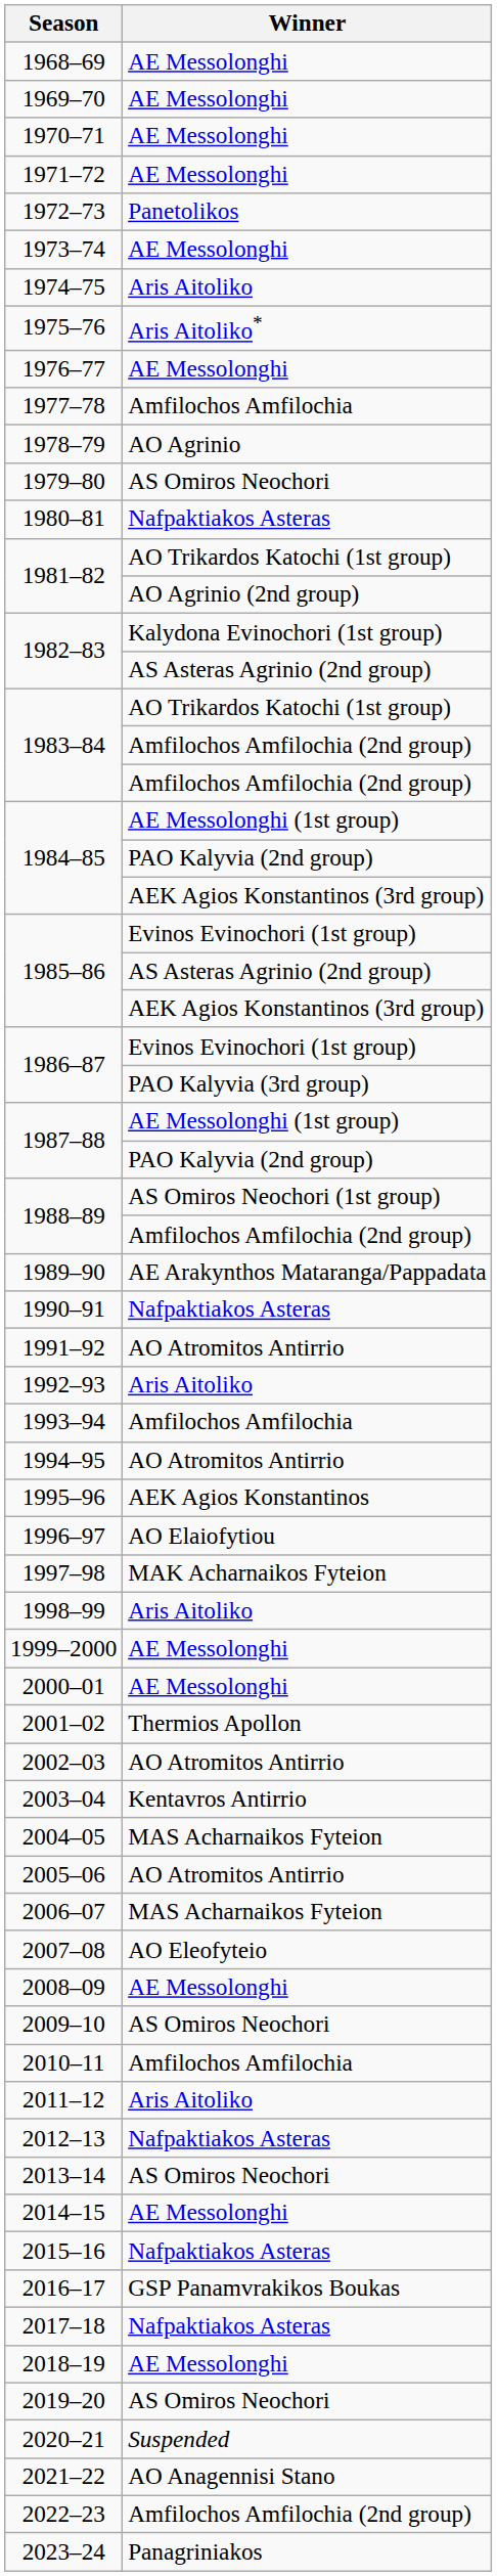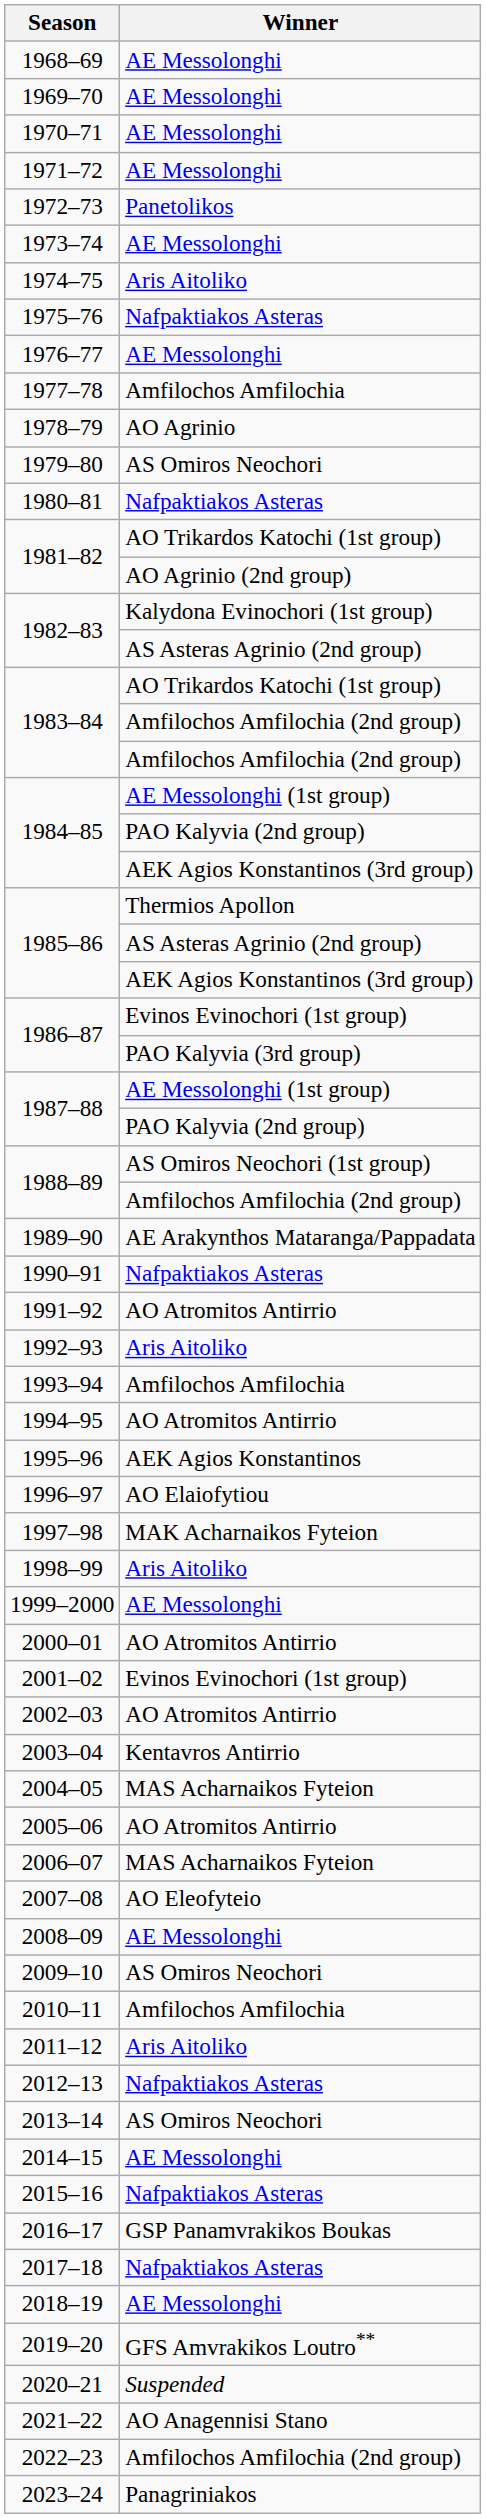 <table class="wikitable" style="text-align:left;">
 <tr>
 <th>Season</th>
 <th>Winner</th>
 </tr>
 <tr>
 <td align="center">1968–69</td>
 <td><a href='#'>AE Messolonghi</a></td>
 </tr>
 <tr>
 <td align="center">1969–70</td>
 <td><a href='#'>AE Messolonghi</a></td>
 </tr>
 <tr>
 <td align="center">1970–71</td>
 <td><a href='#'>AE Messolonghi</a></td>
 </tr>
 <tr>
 <td align="center">1971–72</td>
 <td><a href='#'>AE Messolonghi</a></td>
 </tr>
 <tr>
 <td align="center">1972–73</td>
 <td><a href='#'>Panetolikos</a></td>
 </tr>
 <tr>
 <td align="center">1973–74</td>
 <td><a href='#'>AE Messolonghi</a></td>
 </tr>
 <tr>
 <td align="center">1974–75</td>
 <td><a href='#'>Aris Aitoliko</a></td>
 </tr>
 <tr>
 <td align="center">1975–76</td>
-<td><a href='#'>Aris Aitoliko</a><sup>*</sup></td>
+<td><a href='#'>Nafpaktiakos Asteras</a></td>
 </tr>
 <tr>
 <td align="center">1976–77</td>
 <td><a href='#'>AE Messolonghi</a></td>
 </tr>
 <tr>
 <td align="center">1977–78</td>
 <td>Amfilochos Amfilochia</td>
 </tr>
 <tr>
 <td align="center">1978–79</td>
 <td>AO Agrinio</td>
 </tr>
 <tr>
 <td align="center">1979–80</td>
 <td>AS Omiros Neochori</td>
 </tr>
 <tr>
 <td align="center">1980–81</td>
 <td><a href='#'>Nafpaktiakos Asteras</a></td>
 </tr>
 <tr>
 <td align="center" rowspan=2>1981–82</td>
 <td>AO Trikardos Katochi (1st group)</td>
 </tr>
 <tr>
 <td>AO Agrinio (2nd group)</td>
 </tr>
 <tr>
 <td align="center" rowspan=2>1982–83</td>
 <td>Kalydona Evinochori (1st group)</td>
 </tr>
 <tr>
 <td>AS Asteras Agrinio (2nd group)</td>
 </tr>
 <tr>
 <td align="center" rowspan=3>1983–84</td>
 <td>AO Trikardos Katochi (1st group)</td>
 </tr>
 <tr>
 <td>Amfilochos Amfilochia (2nd group)</td>
 </tr>
 <tr>
 <td>Amfilochos Amfilochia (2nd group)</td>
 </tr>
 <tr>
 <td align="center" rowspan=3>1984–85</td>
 <td><a href='#'>AE Messolonghi</a> (1st group)</td>
 </tr>
 <tr>
 <td>PAO Kalyvia (2nd group)</td>
 </tr>
 <tr>
 <td>AEK Agios Konstantinos (3rd group)</td>
 </tr>
 <tr>
 <td align="center" rowspan=3>1985–86</td>
-<td>Evinos Evinochori (1st group)</td>
+<td>Thermios Apollon</td>
 </tr>
 <tr>
 <td>AS Asteras Agrinio (2nd group)</td>
 </tr>
 <tr>
 <td>AEK Agios Konstantinos (3rd group)</td>
 </tr>
 <tr>
 <td align="center" rowspan=2>1986–87</td>
 <td>Evinos Evinochori (1st group)</td>
 </tr>
 <tr>
 <td>PAO Kalyvia (3rd group)</td>
 </tr>
 <tr>
 <td align="center" rowspan=2>1987–88</td>
 <td><a href='#'>AE Messolonghi</a> (1st group)</td>
 </tr>
 <tr>
 <td>PAO Kalyvia (2nd group)</td>
 </tr>
 <tr>
 <td align="center" rowspan=2>1988–89</td>
 <td>AS Omiros Neochori (1st group)</td>
 </tr>
 <tr>
 <td>Amfilochos Amfilochia (2nd group)</td>
 </tr>
 <tr>
 <td align="center">1989–90</td>
 <td>AE Arakynthos Mataranga/Pappadata</td>
 </tr>
 <tr>
 <td align="center">1990–91</td>
 <td><a href='#'>Nafpaktiakos Asteras</a></td>
 </tr>
 <tr>
 <td align="center">1991–92</td>
 <td>AO Atromitos Antirrio</td>
 </tr>
 <tr>
 <td align="center">1992–93</td>
 <td><a href='#'>Aris Aitoliko</a></td>
 </tr>
 <tr>
 <td align="center">1993–94</td>
 <td>Amfilochos Amfilochia</td>
 </tr>
 <tr>
 <td align="center">1994–95</td>
 <td>AO Atromitos Antirrio</td>
 </tr>
 <tr>
 <td align="center">1995–96</td>
 <td>AEK Agios Konstantinos</td>
 </tr>
 <tr>
 <td align="center">1996–97</td>
 <td>AO Elaiofytiou</td>
 </tr>
 <tr>
 <td align="center">1997–98</td>
 <td>MAK Acharnaikos Fyteion</td>
 </tr>
 <tr>
 <td align="center">1998–99</td>
 <td><a href='#'>Aris Aitoliko</a></td>
 </tr>
 <tr>
 <td align="center">1999–2000</td>
 <td><a href='#'>AE Messolonghi</a></td>
 </tr>
 <tr>
 <td align="center">2000–01</td>
-<td><a href='#'>AE Messolonghi</a></td>
+<td>AO Atromitos Antirrio</td>
 </tr>
 <tr>
 <td align="center">2001–02</td>
-<td>Thermios Apollon</td>
+<td>Evinos Evinochori (1st group)</td>
 </tr>
 <tr>
 <td align="center">2002–03</td>
 <td>AO Atromitos Antirrio</td>
 </tr>
 <tr>
 <td align="center">2003–04</td>
 <td>Kentavros Antirrio</td>
 </tr>
 <tr>
 <td align="center">2004–05</td>
 <td>MAS Acharnaikos Fyteion</td>
 </tr>
 <tr>
 <td align="center">2005–06</td>
 <td>AO Atromitos Antirrio</td>
 </tr>
 <tr>
 <td align="center">2006–07</td>
 <td>MAS Acharnaikos Fyteion</td>
 </tr>
 <tr>
 <td align="center">2007–08</td>
 <td>AO Eleofyteio</td>
 </tr>
 <tr>
 <td align="center">2008–09</td>
 <td><a href='#'>AE Messolonghi</a></td>
 </tr>
 <tr>
 <td align="center">2009–10</td>
 <td>AS Omiros Neochori</td>
 </tr>
 <tr>
 <td align="center">2010–11</td>
 <td>Amfilochos Amfilochia</td>
 </tr>
 <tr>
 <td align="center">2011–12</td>
 <td><a href='#'>Aris Aitoliko</a></td>
 </tr>
 <tr>
 <td align="center">2012–13</td>
 <td><a href='#'>Nafpaktiakos Asteras</a></td>
 </tr>
 <tr>
 <td align="center">2013–14</td>
 <td>AS Omiros Neochori</td>
 </tr>
 <tr>
 <td align="center">2014–15</td>
 <td><a href='#'>AE Messolonghi</a></td>
 </tr>
 <tr>
 <td align="center">2015–16</td>
 <td><a href='#'>Nafpaktiakos Asteras</a></td>
 </tr>
 <tr>
 <td align="center">2016–17</td>
 <td>GSP Panamvrakikos Boukas</td>
 </tr>
 <tr>
 <td align="center">2017–18</td>
 <td><a href='#'>Nafpaktiakos Asteras</a></td>
 </tr>
 <tr>
 <td align="center">2018–19</td>
 <td><a href='#'>AE Messolonghi</a></td>
 </tr>
 <tr>
 <td align="center">2019–20</td>
-<td>AS Omiros Neochori</td>
+<td>GFS Amvrakikos Loutro<sup>**</sup></td>
 </tr>
 <tr>
 <td align="center">2020–21</td>
 <td><em>Suspended</em></td>
 </tr>
 <tr>
 <td align="center">2021–22</td>
 <td>AO Anagennisi Stano</td>
 </tr>
 <tr>
 <td align="center">2022–23</td>
 <td>Amfilochos Amfilochia (2nd group)</td>
 </tr>
 <tr>
 <td align="center">2023–24</td>
 <td>Panagriniakos</td>
 </tr>
 </table>
